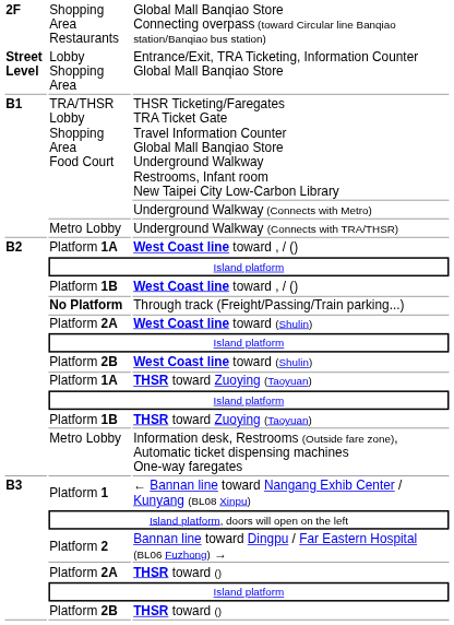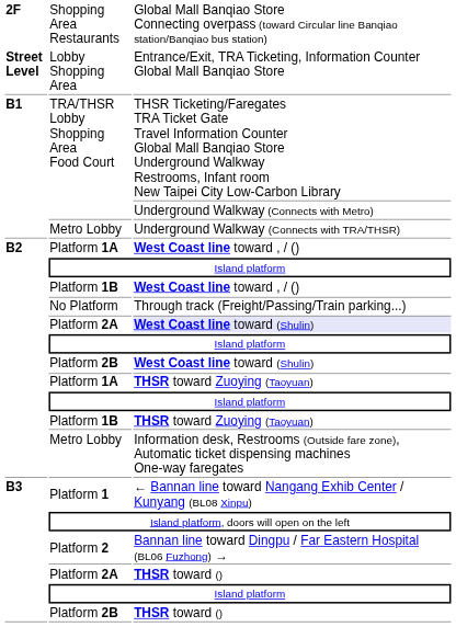 <table>
 <tr>
 <td style="border-bottom:solid 0px gray;" valign=top><strong>2F</strong></td>
 <td style="border-bottom:solid 0px gray;" valign=top>Shopping Area<br>Restaurants</td>
 <td style="border-bottom:solid 0px gray;" valign=top>Global Mall Banqiao Store<br>Connecting overpass<small> (toward Circular line Banqiao station/Banqiao bus station)</small></td>
 </tr>
 <tr>
 <td style="border-bottom:solid 1px gray;" valign=top><strong>Street Level</strong></td>
 <td style="border-bottom:solid 1px gray;" valign=top>Lobby Shopping Area</td>
 <td style="border-bottom:solid 1px gray;" valign=top>Entrance/Exit, TRA Ticketing, Information Counter<br>Global Mall Banqiao Store</td>
 </tr>
 <tr>
 <td style="border-bottom:solid 1px gray;" rowspan=3 valign=top><strong>B1</strong></td>
 <td style="border-bottom:solid 1px gray;" valign=top rowspan=2>TRA/THSR Lobby<br>Shopping Area<br>Food Court</td>
 <td style="border-bottom:solid 1px gray;">THSR Ticketing/Faregates<br>TRA Ticket Gate<br>Travel Information Counter<br>Global Mall Banqiao Store<br>Underground Walkway<br>Restrooms, Infant room<br>New Taipei City Low-Carbon Library</td>
 </tr>
 <tr>
 <td style="border-bottom:solid 1px gray;">Underground Walkway<small> (Connects with Metro)</small></td>
 </tr>
 <tr>
 <td style="border-bottom:solid 1px gray;" valign=top>Metro Lobby</td>
 <td style="border-bottom:solid 1px gray;" valign=top>Underground Walkway <small>(Connects with TRA/THSR)</small></td>
 </tr>
 <tr>
 <td style="border-bottom:solid 1px gray;" rowspan=11 valign=top><strong>B2</strong></td>
 <td>Platform <span><strong>1A</strong></span></td>
 <td><strong><a href='#'><span>West Coast line</span></a></strong> toward , / ()</td>
 </tr>
 <tr>
 <td style="border-top:solid 2px black;border-right:solid 2px black;border-left:solid 2px black;border-bottom:solid 2px black;text-align:center;" colspan=2><small><a href='#'>Island platform</a></small></td>
 </tr>
 <tr>
 <td>Platform <span><strong>1B</strong></span></td>
 <td><strong><a href='#'><span>West Coast line</span></a></strong> toward , / ()</td>
 </tr>
 <tr>
-<td style="border-top:solid 1px gray;"><strong>No Platform</strong></td>
+<td style="border-top:solid 1px gray;">No Platform</td>
 <td style="border-top:solid 1px gray;">Through track (Freight/Passing/Train parking...)</td>
 </tr>
 <tr>
 <td style="border-top:solid 1px gray;">Platform <span><strong>2A</strong></span></td>
-<td style="border-top:solid 1px gray;"><strong><a href='#'><span>West Coast line</span></a></strong> toward  <small>(<a href='#'>Shulin</a>)</small></td>
+<td style="background: lavender; border-top:solid 1px gray;"><strong><a href='#'><span>West Coast line</span></a></strong> toward  <small>(<a href='#'>Shulin</a>)</small></td>
 </tr>
 <tr>
 <td style="border-top:solid 2px black;border-right:solid 2px black;border-left:solid 2px black;border-bottom:solid 2px black;text-align:center;" colspan=2><small><a href='#'>Island platform</a></small></td>
 </tr>
 <tr>
 <td>Platform <span><strong>2B</strong></span></td>
 <td><strong><a href='#'><span>West Coast line</span></a></strong> toward  <small>(<a href='#'>Shulin</a>)</small></td>
 </tr>
 <tr>
 <td style="border-top:solid 1px gray;">Platform <span><strong>1A</strong></span></td>
 <td style="border-top:solid 1px gray;"><strong><a href='#'><span>THSR</span></a></strong> toward <a href='#'>Zuoying</a> <small>(<a href='#'>Taoyuan</a>)</small></td>
 </tr>
 <tr>
 <td style="border-top:solid 2px black;border-right:solid 2px black;border-left:solid 2px black;border-bottom:solid 2px black;text-align:center;" colspan=2><small><a href='#'>Island platform</a></small></td>
 </tr>
 <tr>
 <td style="border-bottom:solid 1px gray;">Platform <span><strong>1B</strong></span></td>
 <td style="border-bottom:solid 1px gray;"><strong><a href='#'><span>THSR</span></a></strong> toward <a href='#'>Zuoying</a> <small>(<a href='#'>Taoyuan</a>)</small></td>
 </tr>
 <tr>
 <td style="border-bottom:solid 1px gray;" valign=top>Metro Lobby</td>
 <td style="border-bottom:solid 1px gray;">Information desk, Restrooms <small>(Outside fare zone)</small>, Automatic ticket dispensing machines<br> One-way faregates</td>
 </tr>
 <tr>
 <td style="border-bottom:solid 1px gray;" rowspan=6 width=50 valign=top><strong>B3</strong></td>
 <td>Platform <span><strong>1</strong></span></td>
 <td>←  <a href='#'>Bannan line</a> toward <a href='#'>Nangang Exhib Center</a> / <a href='#'>Kunyang</a> <small> (BL08 <a href='#'>Xinpu</a>)</small></td>
 </tr>
 <tr>
 <td style="border-top:solid 2px black;border-right:solid 2px black;border-left:solid 2px black;border-bottom:solid 2px black;text-align:center;" colspan=2><small><a href='#'>Island platform</a>, doors will open on the left</small></td>
 </tr>
 <tr>
 <td style="border-bottom:solid 1px gray;">Platform <span><strong>2</strong></span></td>
 <td style="border-bottom:solid 1px gray;">  <a href='#'>Bannan line</a> toward <a href='#'>Dingpu</a> / <a href='#'>Far Eastern Hospital</a> <small>(BL06 <a href='#'>Fuzhong</a>)</small> →</td>
 </tr>
 <tr>
 <td>Platform <span><strong>2A</strong></span></td>
 <td><strong><a href='#'><span>THSR</span></a></strong> toward  <small>()</small></td>
 </tr>
 <tr>
 <td style="border-right:solid 2px black;border-left:solid 2px black;border-bottom:solid 2px black;border-top:solid 2px black;text-align:center;" colspan=2><small><a href='#'>Island platform</a></small></td>
 </tr>
 <tr>
 <td style="border-bottom:solid 1px gray;" width=100>Platform <span><strong>2B</strong></span></td>
 <td style="border-bottom:solid 1px gray;" width=390><strong><a href='#'><span>THSR</span></a></strong> toward  <small>()</small></td>
 </tr>
 </table>
